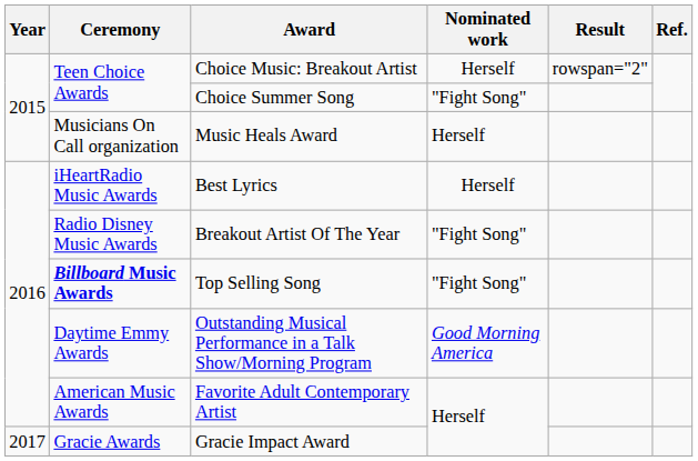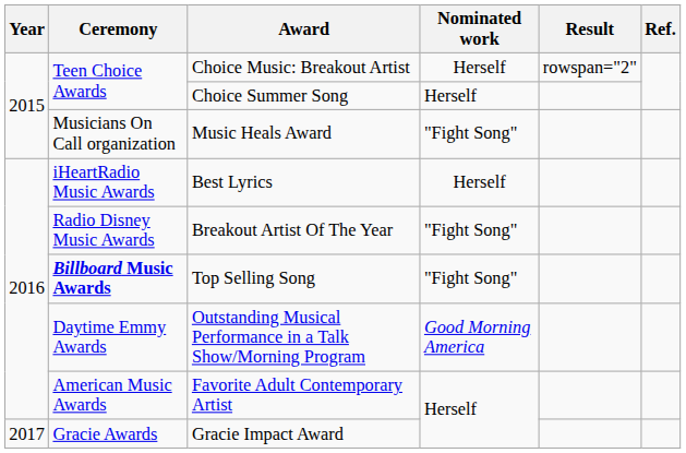 <table class="wikitable Sortable">
 <tr>
 <th>Year</th>
 <th>Ceremony</th>
 <th>Award</th>
 <th>Nominated work</th>
 <th>Result</th>
 <th>Ref.</th>
 </tr>
 <tr>
 <td rowspan="3">2015</td>
 <td rowspan="2"><a href='#'>Teen Choice Awards</a></td>
 <td>Choice Music: Breakout Artist</td>
 <td style="text-align:center;">Herself</td>
 <td>rowspan="2" </td>
 <td rowspan="2"></td>
 </tr>
 <tr>
 <td>Choice Summer Song</td>
-<td>"Fight Song"</td>
+<td>Herself</td>
 </tr>
 <tr>
 <td>Musicians On Call organization</td>
 <td>Music Heals Award</td>
-<td>Herself</td>
+<td>"Fight Song"</td>
 <td></td>
 <td></td>
 </tr>
 <tr>
 <td rowspan="5">2016</td>
 <td><a href='#'>iHeartRadio Music Awards</a></td>
 <td>Best Lyrics</td>
 <td style="text-align:center;">Herself</td>
 <td></td>
 <td></td>
 </tr>
 <tr>
 <td><a href='#'>Radio Disney Music Awards</a></td>
 <td>Breakout Artist Of The Year</td>
 <td>"Fight Song"</td>
 <td></td>
 <td></td>
 </tr>
 <tr>
 <td><strong><a href='#'><em>Billboard</em> Music Awards</a></strong></td>
 <td>Top Selling Song</td>
 <td>"Fight Song"</td>
 <td></td>
 <td></td>
 </tr>
 <tr>
 <td><a href='#'>Daytime Emmy Awards</a></td>
 <td><a href='#'>Outstanding Musical Performance in a Talk Show/Morning Program</a></td>
 <td><em><a href='#'>Good Morning America</a></em></td>
 <td></td>
 <td></td>
 </tr>
 <tr>
 <td><a href='#'>American Music Awards</a></td>
 <td><a href='#'>Favorite Adult Contemporary Artist</a></td>
 <td rowspan="2">Herself</td>
 <td></td>
 <td></td>
 </tr>
 <tr>
 <td>2017</td>
 <td><a href='#'>Gracie Awards</a></td>
 <td>Gracie Impact Award</td>
 <td></td>
 <td></td>
 </tr>
 </table>
